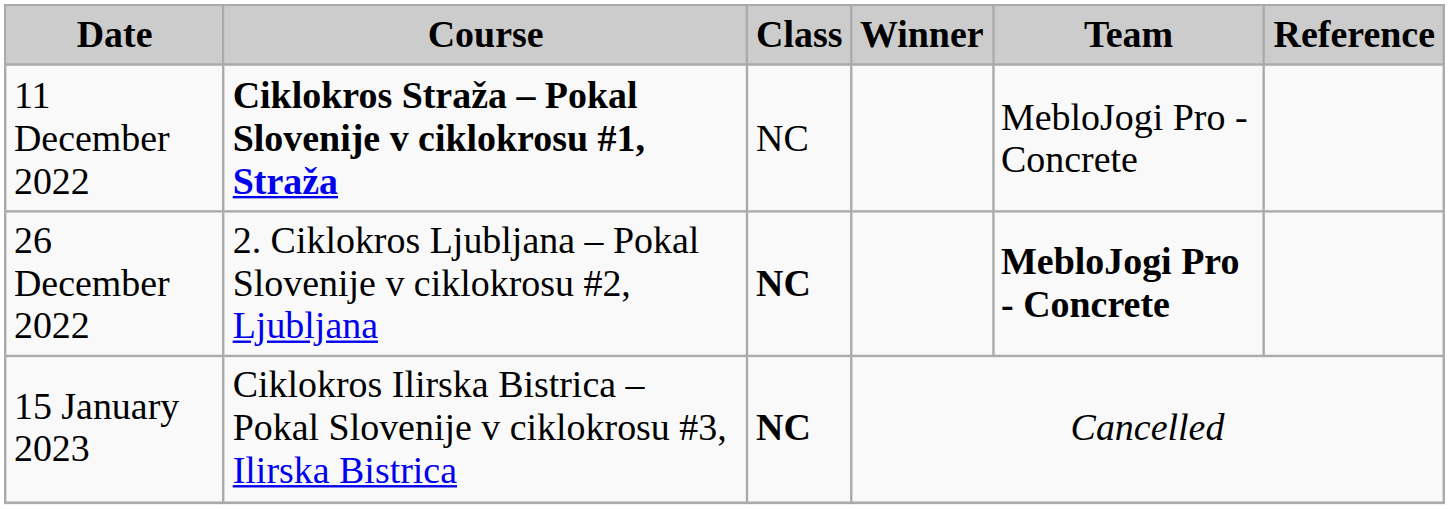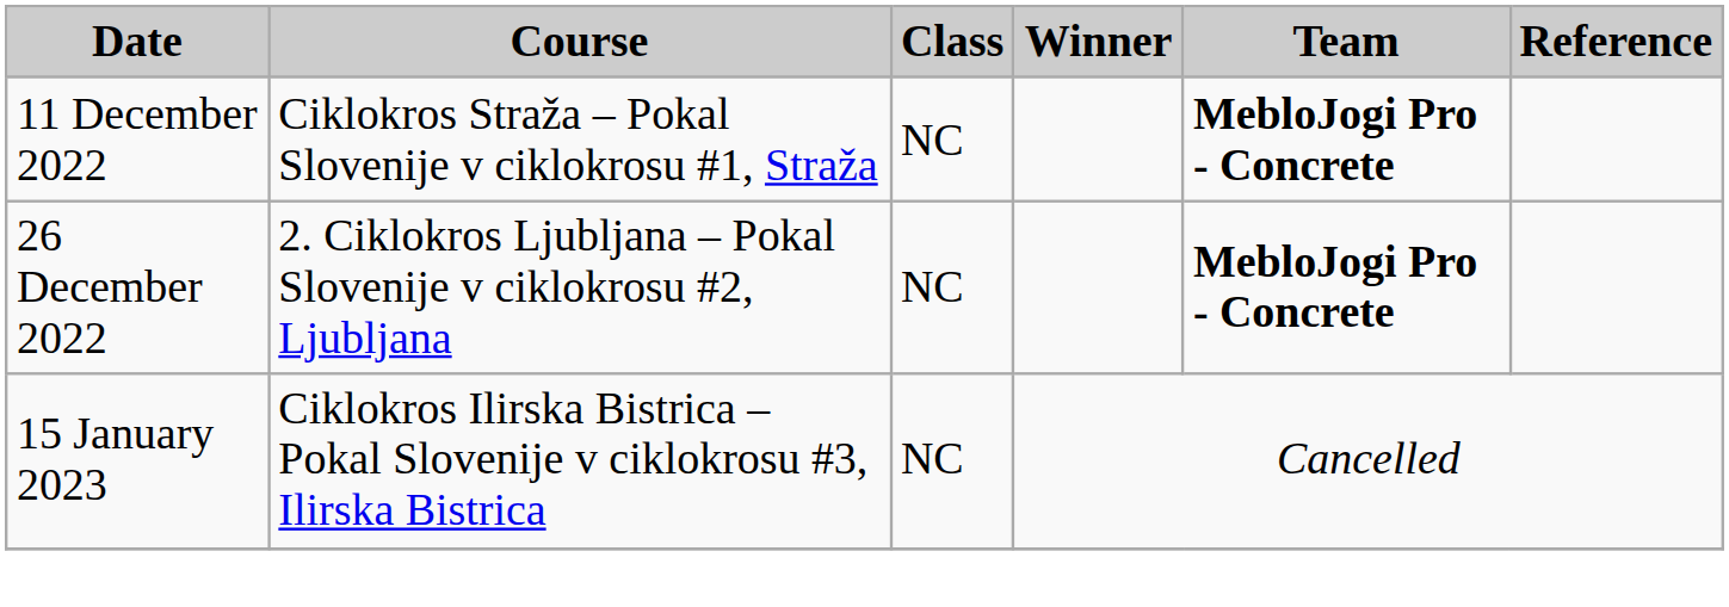 <table class="wikitable sortable alternance ">
 <tr>
 <th scope="col" style="background-color:#CCCCCC;">Date</th>
 <th scope="col" style="background-color:#CCCCCC;">Course</th>
 <th scope="col" style="background-color:#CCCCCC;">Class</th>
 <th scope="col" style="background-color:#CCCCCC;">Winner</th>
 <th scope="col" style="background-color:#CCCCCC;">Team</th>
 <th scope="col" style="background-color:#CCCCCC;">Reference</th>
 </tr>
 <tr>
 <td>11 December 2022</td>
-<td><strong> Ciklokros Straža – Pokal Slovenije v ciklokrosu #1, <a href='#'>Straža</a></strong></td>
+<td> Ciklokros Straža – Pokal Slovenije v ciklokrosu #1, <a href='#'>Straža</a></td>
 <td>NC</td>
 <td></td>
-<td>MebloJogi Pro - Concrete</td>
+<td><strong>MebloJogi Pro - Concrete</strong></td>
 <td></td>
 </tr>
 <tr>
 <td>26 December 2022</td>
 <td> 2. Ciklokros Ljubljana – Pokal Slovenije v ciklokrosu #2, <a href='#'>Ljubljana</a></td>
-<td><strong>NC</strong></td>
+<td>NC</td>
 <td></td>
 <td><strong>MebloJogi Pro - Concrete</strong></td>
 <td></td>
 </tr>
 <tr>
 <td>15 January 2023</td>
 <td> Ciklokros Ilirska Bistrica – Pokal Slovenije v ciklokrosu #3, <a href='#'>Ilirska Bistrica</a></td>
-<td><strong>NC</strong></td>
+<td>NC</td>
 <td colspan="3" align="center"><em>Cancelled</em></td>
 </tr>
 <tr>
 </tr>
 </table>
